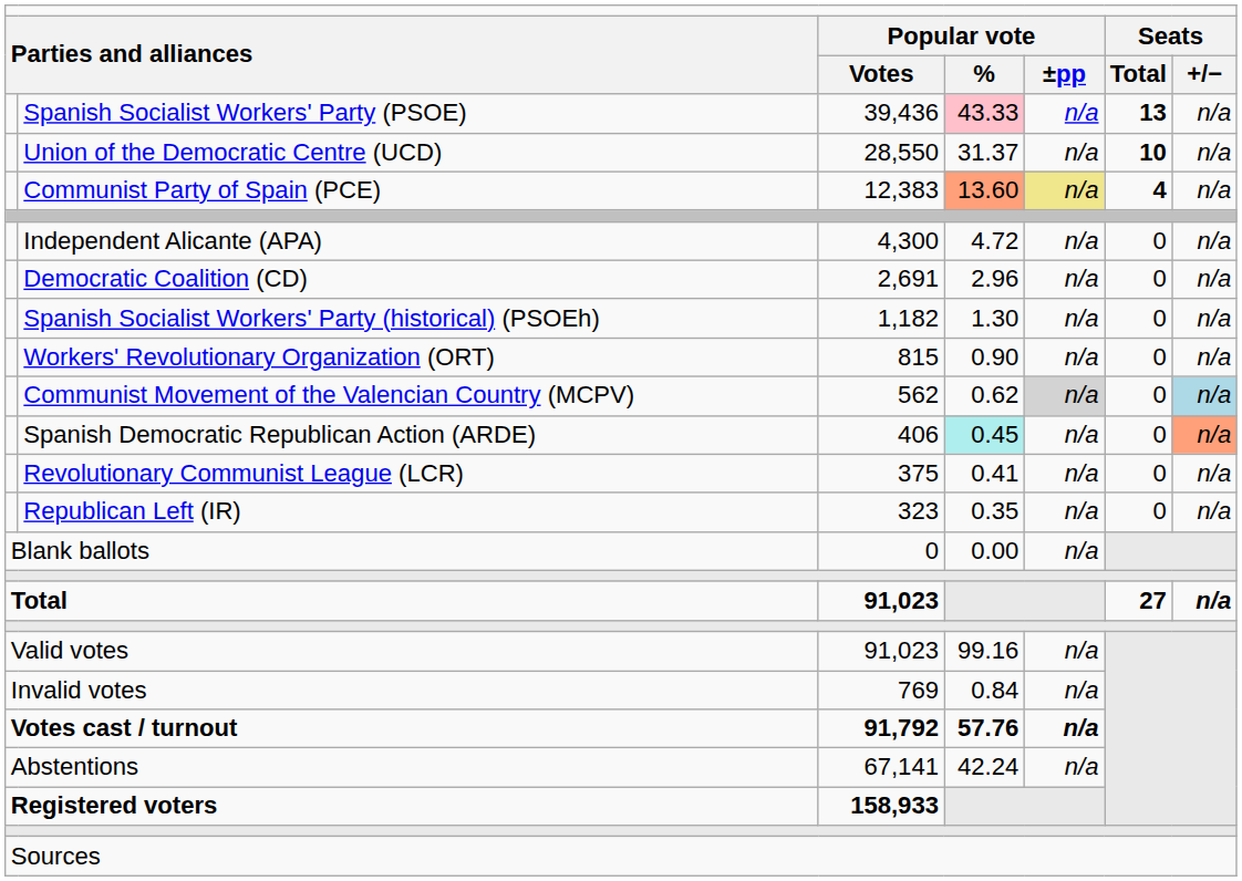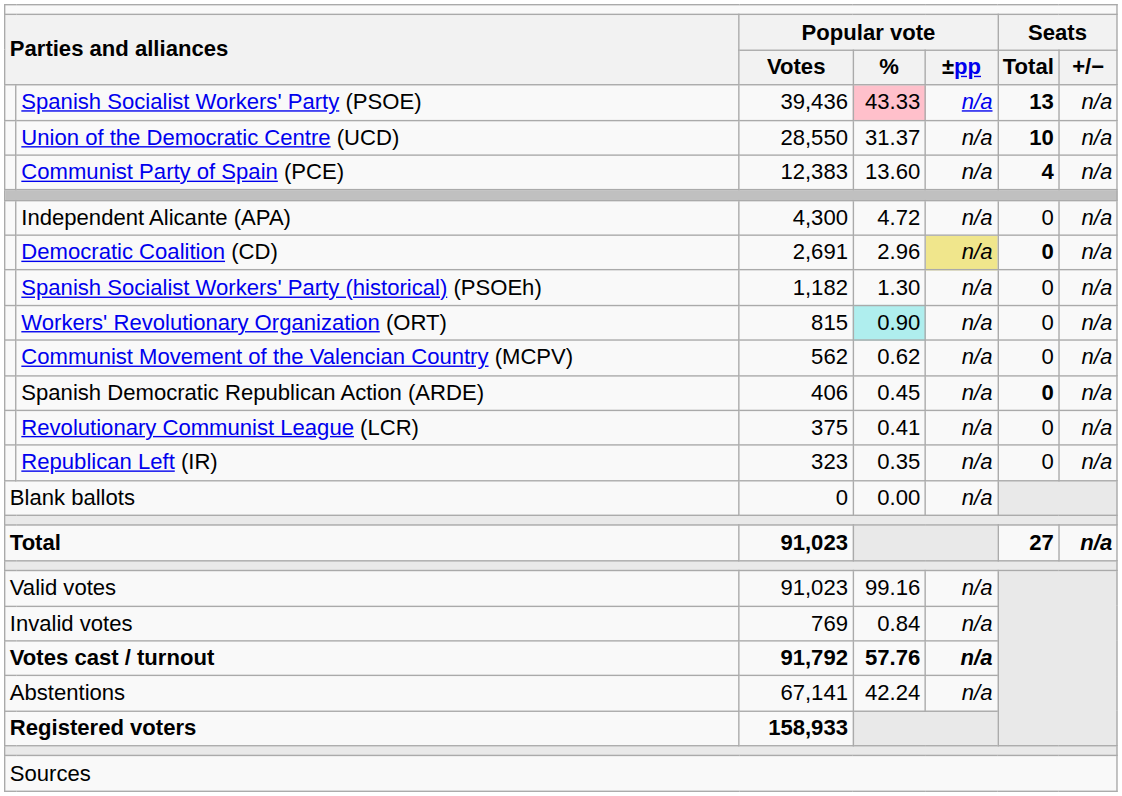 <table class="wikitable" style="text-align:right;">
 <tr>
 <td colspan="7"></td>
 </tr>
 <tr>
 <th style="text-align:left;" rowspan="2" colspan="2" width="525">Parties and alliances</th>
 <th colspan="3">Popular vote</th>
 <th colspan="2">Seats</th>
 </tr>
 <tr>
 <th width="75">Votes</th>
 <th width="45">%</th>
 <th width="45">±<a href='#'>pp</a></th>
 <th width="35">Total</th>
 <th width="35">+/−</th>
 </tr>
 <tr>
 <td width="1" style="color:inherit;background:"></td>
 <td align="left"><a href='#'>Spanish Socialist Workers' Party</a> (PSOE)</td>
 <td>39,436</td>
 <td style="background: pink;">43.33</td>
 <td><em><a href='#'>n/a</a></em></td>
 <td><strong>13</strong></td>
 <td><em>n/a</em></td>
 </tr>
 <tr>
 <td style="color:inherit;background:"></td>
 <td align="left"><a href='#'>Union of the Democratic Centre</a> (UCD)</td>
 <td>28,550</td>
 <td>31.37</td>
 <td><em>n/a</em></td>
 <td><strong>10</strong></td>
 <td><em>n/a</em></td>
 </tr>
 <tr>
 <td style="color:inherit;background:"></td>
 <td align="left"><a href='#'>Communist Party of Spain</a> (PCE)</td>
 <td>12,383</td>
-<td style="background: lightsalmon;">13.60</td>
-<td style="background: khaki;"><em>n/a</em></td>
+<td>13.60</td>
+<td><em>n/a</em></td>
 <td><strong>4</strong></td>
 <td><em>n/a</em></td>
 </tr>
 <tr>
 <td colspan="7" bgcolor="#C0C0C0"></td>
 </tr>
 <tr>
 <td style="color:inherit;background:"></td>
 <td align="left">Independent Alicante (APA)</td>
 <td>4,300</td>
 <td>4.72</td>
 <td><em>n/a</em></td>
 <td>0</td>
 <td><em>n/a</em></td>
 </tr>
 <tr>
 <td style="color:inherit;background:"></td>
 <td align="left"><a href='#'>Democratic Coalition</a> (CD)</td>
 <td>2,691</td>
 <td>2.96</td>
-<td><em>n/a</em></td>
-<td>0</td>
+<td style="background: khaki;"><em>n/a</em></td>
+<td><strong>0</strong></td>
 <td><em>n/a</em></td>
 </tr>
 <tr>
 <td style="color:inherit;background:"></td>
 <td align="left"><a href='#'>Spanish Socialist Workers' Party (historical)</a> (PSOEh)</td>
 <td>1,182</td>
 <td>1.30</td>
 <td><em>n/a</em></td>
 <td>0</td>
 <td><em>n/a</em></td>
 </tr>
 <tr>
 <td style="color:inherit;background:"></td>
 <td align="left"><a href='#'>Workers' Revolutionary Organization</a> (ORT)</td>
 <td>815</td>
-<td>0.90</td>
+<td style="background: paleturquoise;">0.90</td>
 <td><em>n/a</em></td>
 <td>0</td>
 <td><em>n/a</em></td>
 </tr>
 <tr>
 <td style="color:inherit;background:"></td>
 <td align="left"><a href='#'>Communist Movement of the Valencian Country</a> (MCPV)</td>
 <td>562</td>
 <td>0.62</td>
-<td style="background: lightgrey;"><em>n/a</em></td>
+<td><em>n/a</em></td>
 <td>0</td>
-<td style="background: lightblue;"><em>n/a</em></td>
+<td><em>n/a</em></td>
 </tr>
 <tr>
 <td style="color:inherit;background:"></td>
 <td align="left">Spanish Democratic Republican Action (ARDE)</td>
 <td>406</td>
-<td style="background: paleturquoise;">0.45</td>
+<td>0.45</td>
 <td><em>n/a</em></td>
-<td>0</td>
-<td style="background: lightsalmon;"><em>n/a</em></td>
+<td><strong>0</strong></td>
+<td><em>n/a</em></td>
 </tr>
 <tr>
 <td style="color:inherit;background:"></td>
 <td align="left"><a href='#'>Revolutionary Communist League</a> (LCR)</td>
 <td>375</td>
 <td>0.41</td>
 <td><em>n/a</em></td>
 <td>0</td>
 <td><em>n/a</em></td>
 </tr>
 <tr>
 <td style="color:inherit;background:"></td>
 <td align="left"><a href='#'>Republican Left</a> (IR)</td>
 <td>323</td>
 <td>0.35</td>
 <td><em>n/a</em></td>
 <td>0</td>
 <td><em>n/a</em></td>
 </tr>
 <tr>
 <td align="left" colspan="2">Blank ballots</td>
 <td>0</td>
 <td>0.00</td>
 <td><em>n/a</em></td>
 <td bgcolor="#E9E9E9" colspan="2"></td>
 </tr>
 <tr>
 <td colspan="7" bgcolor="#E9E9E9"></td>
 </tr>
 <tr style="font-weight:bold;">
 <td align="left" colspan="2">Total</td>
 <td>91,023</td>
 <td bgcolor="#E9E9E9" colspan="2"></td>
 <td>27</td>
 <td><em>n/a</em></td>
 </tr>
 <tr>
 <td colspan="7" bgcolor="#E9E9E9"></td>
 </tr>
 <tr>
 <td align="left" colspan="2">Valid votes</td>
 <td>91,023</td>
 <td>99.16</td>
 <td><em>n/a</em></td>
 <td bgcolor="#E9E9E9" colspan="2" rowspan="5"></td>
 </tr>
 <tr>
 <td align="left" colspan="2">Invalid votes</td>
 <td>769</td>
 <td>0.84</td>
 <td><em>n/a</em></td>
 </tr>
 <tr style="font-weight:bold;">
 <td align="left" colspan="2">Votes cast / turnout</td>
 <td>91,792</td>
 <td>57.76</td>
 <td><em>n/a</em></td>
 </tr>
 <tr>
 <td align="left" colspan="2">Abstentions</td>
 <td>67,141</td>
 <td>42.24</td>
 <td><em>n/a</em></td>
 </tr>
 <tr style="font-weight:bold;">
 <td align="left" colspan="2">Registered voters</td>
 <td>158,933</td>
 <td bgcolor="#E9E9E9" colspan="2"></td>
 </tr>
 <tr>
 <td colspan="7" bgcolor="#E9E9E9"></td>
 </tr>
 <tr>
 <td align="left" colspan="7">Sources</td>
 </tr>
 </table>
